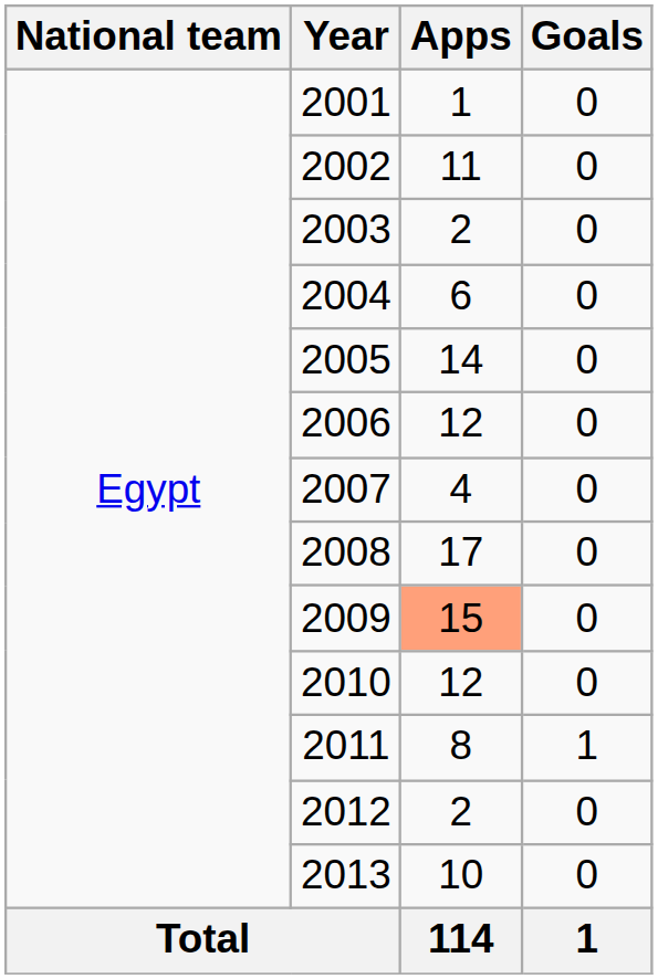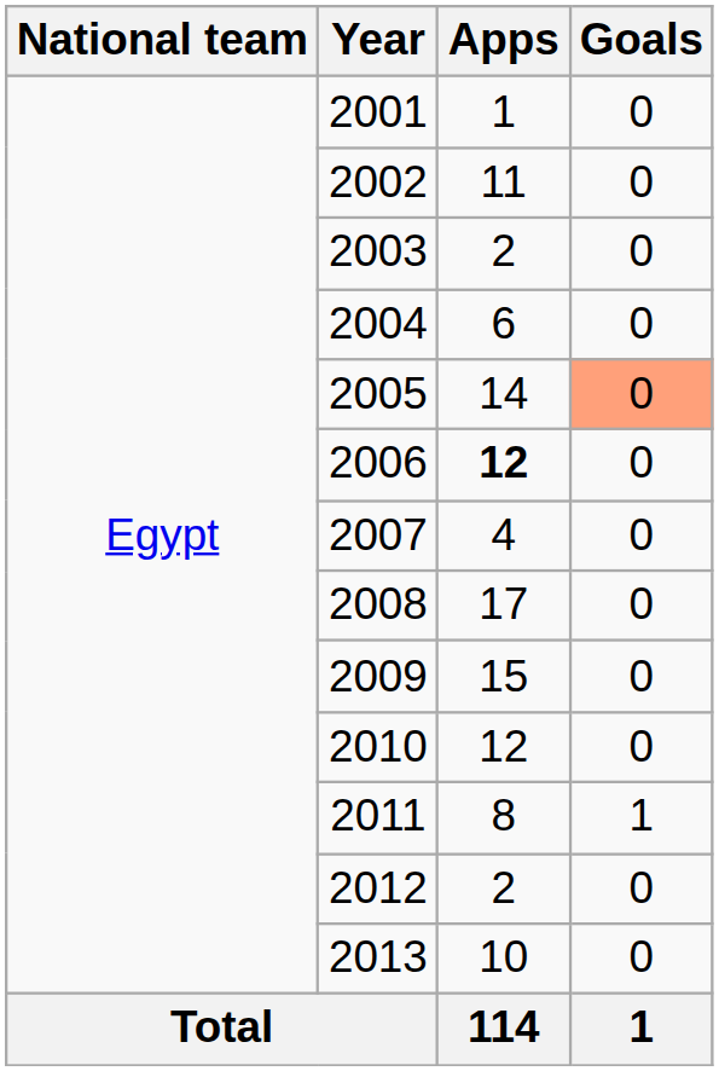 <table class="wikitable" style="text-align:center">
 <tr>
 <th>National team</th>
 <th>Year</th>
 <th>Apps</th>
 <th>Goals</th>
 </tr>
 <tr>
 <td rowspan="13"><a href='#'>Egypt</a></td>
 <td>2001</td>
 <td>1</td>
 <td>0</td>
 </tr>
 <tr>
 <td>2002</td>
 <td>11</td>
 <td>0</td>
 </tr>
 <tr>
 <td>2003</td>
 <td>2</td>
 <td>0</td>
 </tr>
 <tr>
 <td>2004</td>
 <td>6</td>
 <td>0</td>
 </tr>
 <tr>
 <td>2005</td>
 <td>14</td>
-<td>0</td>
+<td style="background: lightsalmon;">0</td>
 </tr>
 <tr>
 <td>2006</td>
-<td>12</td>
+<td><strong>12</strong></td>
 <td>0</td>
 </tr>
 <tr>
 <td>2007</td>
 <td>4</td>
 <td>0</td>
 </tr>
 <tr>
 <td>2008</td>
 <td>17</td>
 <td>0</td>
 </tr>
 <tr>
 <td>2009</td>
-<td style="background: lightsalmon;">15</td>
+<td>15</td>
 <td>0</td>
 </tr>
 <tr>
 <td>2010</td>
 <td>12</td>
 <td>0</td>
 </tr>
 <tr>
 <td>2011</td>
 <td>8</td>
 <td>1</td>
 </tr>
 <tr>
 <td>2012</td>
 <td>2</td>
 <td>0</td>
 </tr>
 <tr>
 <td>2013</td>
 <td>10</td>
 <td>0</td>
 </tr>
 <tr>
 <th colspan="2">Total</th>
 <th>114</th>
 <th>1</th>
 </tr>
 </table>
